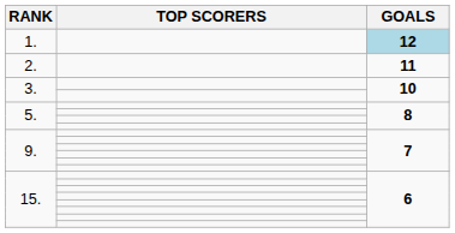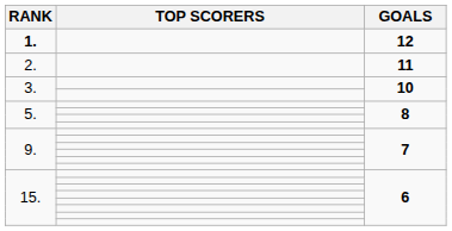 <table class="wikitable">
 <tr>
 <th>RANK</th>
 <th style="width: 20em">TOP SCORERS</th>
 <th style="width: 5em">GOALS</th>
 </tr>
 <tr>
-<td align="center">1.</td>
+<td align="center"><strong>1.</strong></td>
 <td></td>
-<td align="center" style="background: lightblue;"><strong>12</strong></td>
+<td align="center"><strong>12</strong></td>
 </tr>
 <tr>
 <td align="center">2.</td>
 <td></td>
 <td align="center"><strong>11</strong></td>
 </tr>
 <tr>
 <td rowspan="2" align="center">3.</td>
 <td></td>
 <td rowspan="2" align="center"><strong>10</strong></td>
 </tr>
 <tr>
 <td></td>
 </tr>
 <tr>
 <td rowspan="4" align="center">5.</td>
 <td></td>
 <td rowspan="4" align="center"><strong>8</strong></td>
 </tr>
 <tr>
 <td></td>
 </tr>
 <tr>
 <td></td>
 </tr>
 <tr>
 <td></td>
 </tr>
 <tr>
 <td rowspan="6" align="center">9.</td>
 <td></td>
 <td rowspan="6" align="center"><strong>7</strong></td>
 </tr>
 <tr>
 <td></td>
 </tr>
 <tr>
 <td></td>
 </tr>
 <tr>
 <td></td>
 </tr>
 <tr>
 <td></td>
 </tr>
 <tr>
 <td></td>
 </tr>
 <tr>
 <td rowspan="8" align="center">15.</td>
 <td></td>
 <td rowspan="8" align="center"><strong>6</strong></td>
 </tr>
 <tr>
 <td></td>
 </tr>
 <tr>
 <td></td>
 </tr>
 <tr>
 <td></td>
 </tr>
 <tr>
 <td></td>
 </tr>
 <tr>
 <td></td>
 </tr>
 <tr>
 <td></td>
 </tr>
 <tr>
 <td></td>
 </tr>
 </table>
